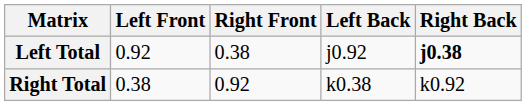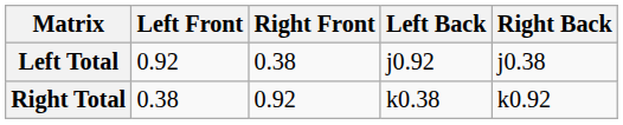 <table class="wikitable">
 <tr>
 <th>Matrix</th>
 <th>Left Front</th>
 <th>Right Front</th>
 <th>Left Back</th>
 <th>Right Back</th>
 </tr>
 <tr>
 <th>Left Total</th>
 <td>0.92</td>
 <td>0.38</td>
 <td>j0.92</td>
-<td><strong>j0.38</strong></td>
+<td>j0.38</td>
 </tr>
 <tr>
 <th>Right Total</th>
 <td>0.38</td>
 <td>0.92</td>
 <td>k0.38</td>
 <td>k0.92</td>
 </tr>
 </table>
